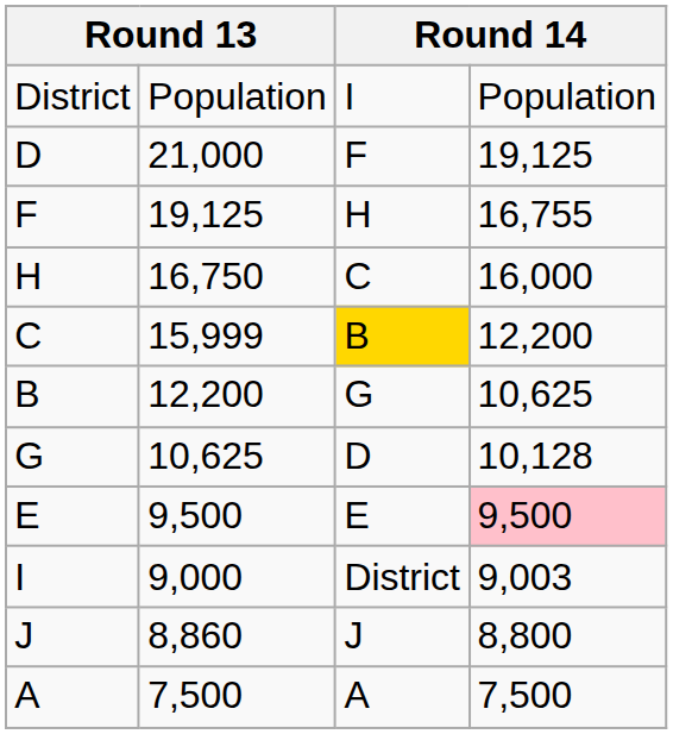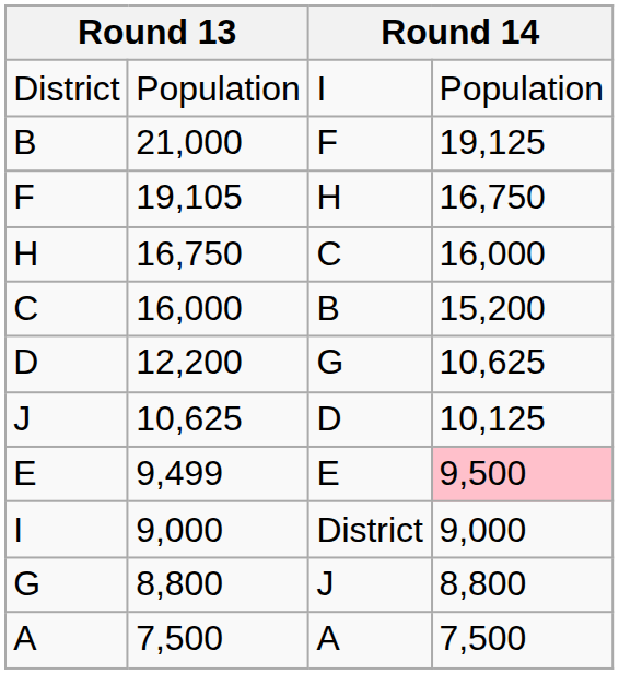 <table class="wikitable">
 <tr>
 <th colspan="2">Round  13</th>
 <th colspan="2">Round 14</th>
 </tr>
 <tr>
 <td>District</td>
 <td>Population</td>
 <td>I</td>
 <td>Population</td>
 </tr>
 <tr>
-<td>D</td>
+<td>B</td>
 <td>21,000</td>
 <td>F</td>
 <td>19,125</td>
 </tr>
 <tr>
 <td>F</td>
-<td>19,125</td>
+<td>19,105</td>
 <td>H</td>
-<td>16,755</td>
+<td>16,750</td>
 </tr>
 <tr>
 <td>H</td>
 <td>16,750</td>
 <td>C</td>
 <td>16,000</td>
 </tr>
 <tr>
 <td>C</td>
-<td>15,999</td>
-<td style="background: gold;">B</td>
-<td>12,200</td>
+<td>16,000</td>
+<td>B</td>
+<td>15,200</td>
 </tr>
 <tr>
-<td>B</td>
+<td>D</td>
 <td>12,200</td>
 <td>G</td>
 <td>10,625</td>
 </tr>
 <tr>
-<td>G</td>
+<td>J</td>
 <td>10,625</td>
 <td>D</td>
-<td>10,128</td>
+<td>10,125</td>
 </tr>
 <tr>
 <td>E</td>
-<td>9,500</td>
+<td>9,499</td>
 <td>E</td>
 <td style="background: pink;">9,500</td>
 </tr>
 <tr>
 <td>I</td>
 <td>9,000</td>
 <td>District</td>
-<td>9,003</td>
+<td>9,000</td>
 </tr>
 <tr>
-<td>J</td>
-<td>8,860</td>
+<td>G</td>
+<td>8,800</td>
 <td>J</td>
 <td>8,800</td>
 </tr>
 <tr>
 <td>A</td>
 <td>7,500</td>
 <td>A</td>
 <td>7,500</td>
 </tr>
 </table>
